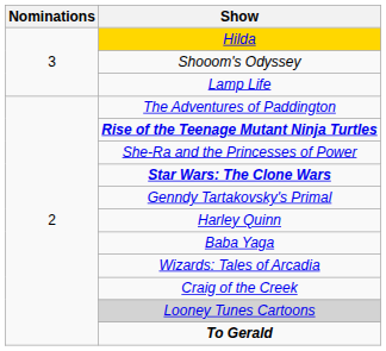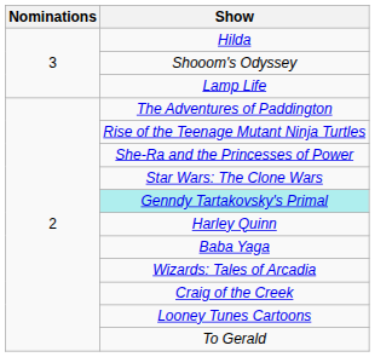 <table class="wikitable" style="text-align: center">
 <tr>
 <th scope="col" width="55">Nominations</th>
 <th scope="col" align="center">Show</th>
 </tr>
 <tr>
 <td rowspan="3" style="text-align:center">3</td>
-<td style="background: gold;"><em><a href='#'>Hilda</a></em></td>
+<td><em><a href='#'>Hilda</a></em></td>
 </tr>
 <tr>
 <td><em>Shooom's Odyssey</em></td>
 </tr>
 <tr>
 <td><em><a href='#'>Lamp Life</a></em></td>
 </tr>
 <tr>
 <td rowspan="11" style="text-align:center">2</td>
 <td><em><a href='#'>The Adventures of Paddington</a></em></td>
 </tr>
 <tr>
-<td><strong><em><a href='#'>Rise of the Teenage Mutant Ninja Turtles</a></em></strong></td>
+<td><em><a href='#'>Rise of the Teenage Mutant Ninja Turtles</a></em></td>
 </tr>
 <tr>
 <td><em><a href='#'>She-Ra and the Princesses of Power</a></em></td>
 </tr>
 <tr>
-<td><strong><em><a href='#'>Star Wars: The Clone Wars</a></em></strong></td>
+<td><em><a href='#'>Star Wars: The Clone Wars</a></em></td>
 </tr>
 <tr>
-<td><em><a href='#'>Genndy Tartakovsky's Primal</a></em></td>
+<td style="background: paleturquoise;"><em><a href='#'>Genndy Tartakovsky's Primal</a></em></td>
 </tr>
 <tr>
 <td><em><a href='#'>Harley Quinn</a></em></td>
 </tr>
 <tr>
 <td><em><a href='#'>Baba Yaga</a></em></td>
 </tr>
 <tr>
 <td><em><a href='#'>Wizards: Tales of Arcadia</a></em></td>
 </tr>
 <tr>
 <td><em><a href='#'>Craig of the Creek</a></em></td>
 </tr>
 <tr>
-<td style="background: lightgrey;"><em><a href='#'>Looney Tunes Cartoons</a></em></td>
+<td><em><a href='#'>Looney Tunes Cartoons</a></em></td>
 </tr>
 <tr>
-<td><strong><em>To Gerald</em></strong></td>
+<td><em>To Gerald</em></td>
 </tr>
 </table>
